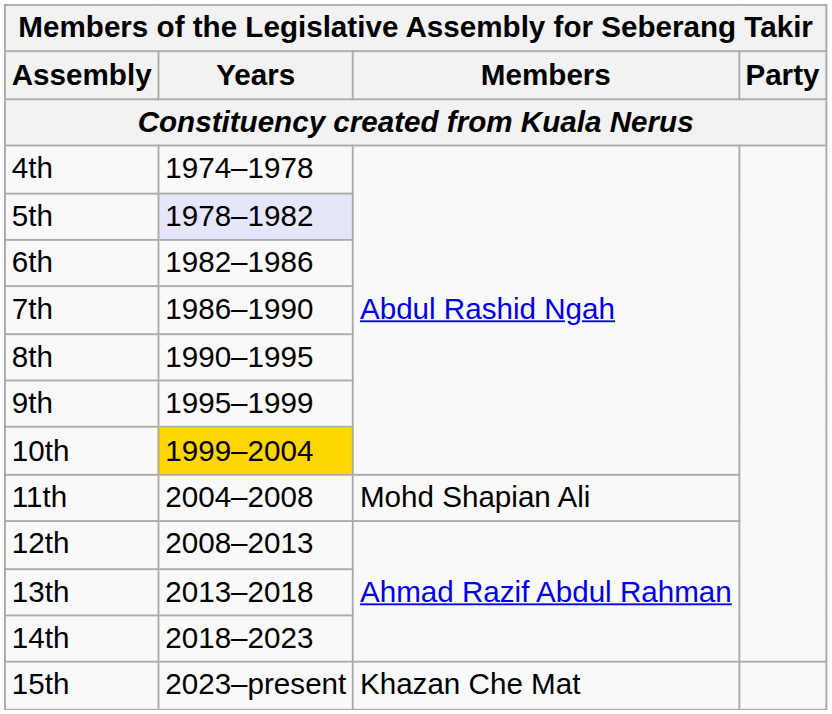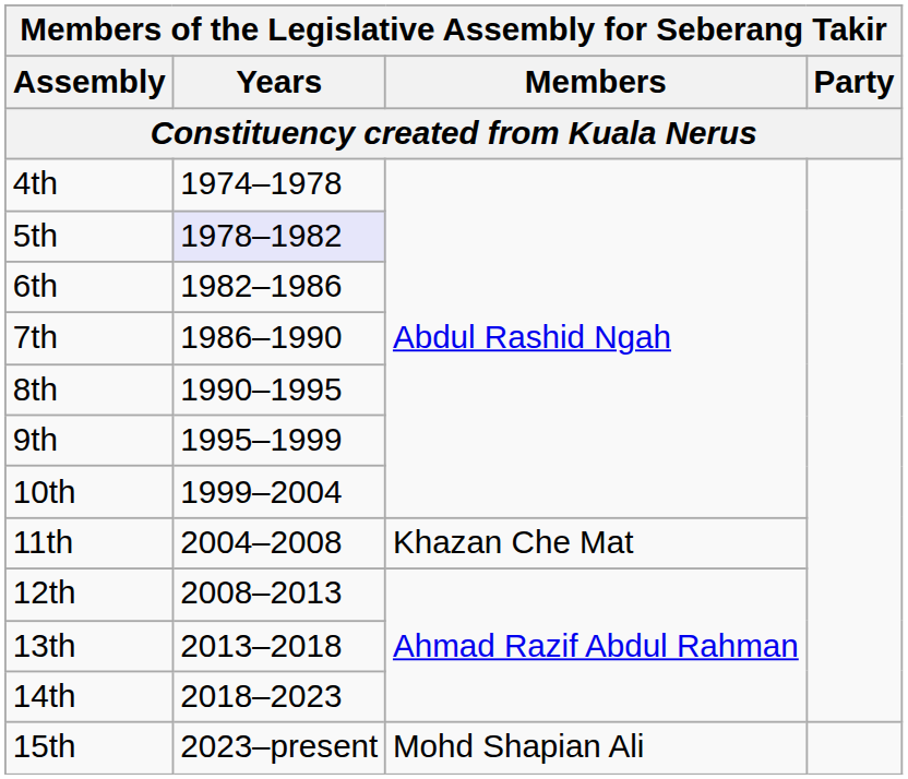 <table class="wikitable">
 <tr>
 <th colspan="4">Members of the Legislative Assembly for Seberang Takir</th>
 </tr>
 <tr>
 <th>Assembly</th>
 <th>Years</th>
 <th>Members</th>
 <th>Party</th>
 </tr>
 <tr>
 <th colspan="4"><em>Constituency created from Kuala Nerus</em></th>
 </tr>
 <tr>
 <td>4th</td>
 <td>1974–1978</td>
 <td rowspan="7"><a href='#'>Abdul Rashid Ngah</a></td>
 <td rowspan="11"></td>
 </tr>
 <tr>
 <td>5th</td>
 <td style="background: lavender;">1978–1982</td>
 </tr>
 <tr>
 <td>6th</td>
 <td>1982–1986</td>
 </tr>
 <tr>
 <td>7th</td>
 <td>1986–1990</td>
 </tr>
 <tr>
 <td>8th</td>
 <td>1990–1995</td>
 </tr>
 <tr>
 <td>9th</td>
 <td>1995–1999</td>
 </tr>
 <tr>
 <td>10th</td>
-<td style="background: gold;">1999–2004</td>
+<td>1999–2004</td>
 </tr>
 <tr>
 <td>11th</td>
 <td>2004–2008</td>
-<td>Mohd Shapian Ali</td>
+<td>Khazan Che Mat</td>
 </tr>
 <tr>
 <td>12th</td>
 <td>2008–2013</td>
 <td rowspan="3"><a href='#'>Ahmad Razif Abdul Rahman</a></td>
 </tr>
 <tr>
 <td>13th</td>
 <td>2013–2018</td>
 </tr>
 <tr>
 <td>14th</td>
 <td>2018–2023</td>
 </tr>
 <tr>
 <td>15th</td>
 <td>2023–present</td>
-<td>Khazan Che Mat</td>
+<td>Mohd Shapian Ali</td>
 <td></td>
 </tr>
 </table>
